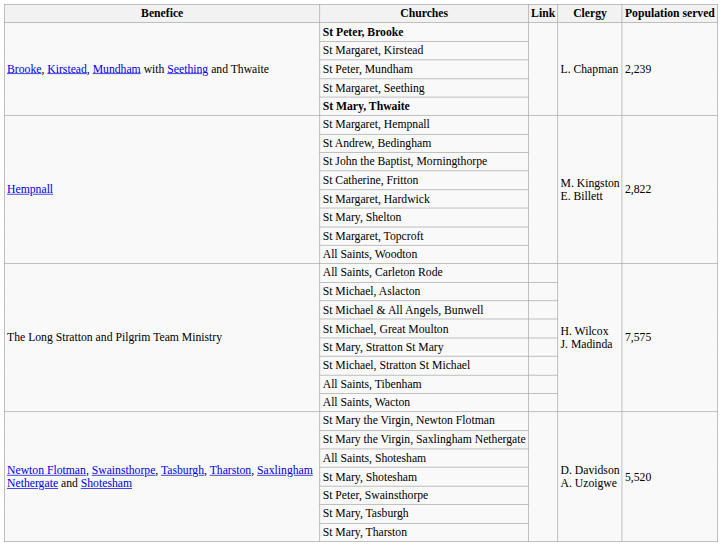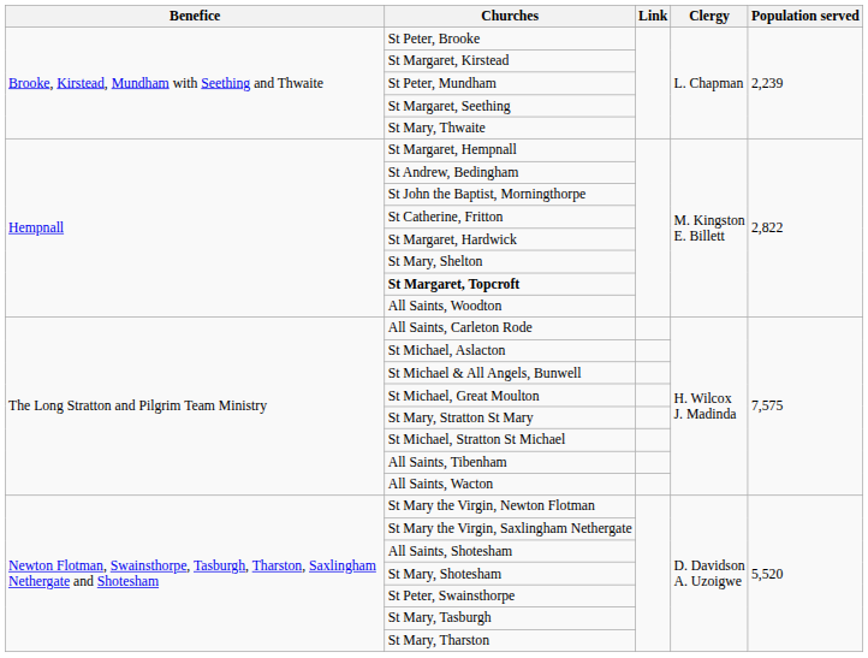 <table class="wikitable">
 <tr>
 <th width="425">Benefice</th>
 <th>Churches</th>
 <th>Link</th>
 <th>Clergy</th>
 <th>Population served</th>
 </tr>
 <tr>
 <td rowspan="5"><a href='#'>Brooke</a>, <a href='#'>Kirstead</a>, <a href='#'>Mundham</a> with <a href='#'>Seething</a> and Thwaite</td>
-<td><strong>St Peter, Brooke</strong></td>
+<td>St Peter, Brooke</td>
 <td rowspan="5"></td>
 <td rowspan="5">L. Chapman</td>
 <td rowspan="5">2,239</td>
 </tr>
 <tr>
 <td>St Margaret, Kirstead</td>
 </tr>
 <tr>
 <td>St Peter, Mundham</td>
 </tr>
 <tr>
 <td>St Margaret, Seething</td>
 </tr>
 <tr>
-<td><strong>St Mary, Thwaite</strong></td>
+<td>St Mary, Thwaite</td>
 </tr>
 <tr>
 <td rowspan="8"><a href='#'>Hempnall</a></td>
 <td>St Margaret, Hempnall</td>
 <td rowspan="8"></td>
 <td rowspan="8">M. Kingston<br>E. Billett</td>
 <td rowspan="8">2,822</td>
 </tr>
 <tr>
 <td>St Andrew, Bedingham</td>
 </tr>
 <tr>
 <td>St John the Baptist, Morningthorpe</td>
 </tr>
 <tr>
 <td>St Catherine, Fritton</td>
 </tr>
 <tr>
 <td>St Margaret, Hardwick</td>
 </tr>
 <tr>
 <td>St Mary, Shelton</td>
 </tr>
 <tr>
-<td>St Margaret, Topcroft</td>
+<td><strong>St Margaret, Topcroft</strong></td>
 </tr>
 <tr>
 <td>All Saints, Woodton</td>
 </tr>
 <tr>
 <td rowspan="8">The Long Stratton and Pilgrim Team Ministry</td>
 <td>All Saints, Carleton Rode</td>
 <td></td>
 <td rowspan="8">H. Wilcox<br>J. Madinda</td>
 <td rowspan="8">7,575</td>
 </tr>
 <tr>
 <td>St Michael, Aslacton</td>
 <td></td>
 </tr>
 <tr>
 <td>St Michael & All Angels, Bunwell</td>
 <td></td>
 </tr>
 <tr>
 <td>St Michael, Great Moulton</td>
 <td></td>
 </tr>
 <tr>
 <td>St Mary, Stratton St Mary</td>
 <td></td>
 </tr>
 <tr>
 <td>St Michael, Stratton St Michael</td>
 <td></td>
 </tr>
 <tr>
 <td>All Saints, Tibenham</td>
 <td></td>
 </tr>
 <tr>
 <td>All Saints, Wacton</td>
 <td></td>
 </tr>
 <tr>
 <td rowspan="7"><a href='#'>Newton Flotman</a>, <a href='#'>Swainsthorpe</a>, <a href='#'>Tasburgh</a>, <a href='#'>Tharston</a>, <a href='#'>Saxlingham Nethergate</a> and <a href='#'>Shotesham</a></td>
 <td>St Mary the Virgin, Newton Flotman</td>
 <td rowspan="7"></td>
 <td rowspan="7">D. Davidson<br>A. Uzoigwe</td>
 <td rowspan="7">5,520</td>
 </tr>
 <tr>
 <td>St Mary the Virgin, Saxlingham Nethergate</td>
 </tr>
 <tr>
 <td>All Saints, Shotesham</td>
 </tr>
 <tr>
 <td>St Mary, Shotesham</td>
 </tr>
 <tr>
 <td>St Peter, Swainsthorpe</td>
 </tr>
 <tr>
 <td>St Mary, Tasburgh</td>
 </tr>
 <tr>
 <td>St Mary, Tharston</td>
 </tr>
 </table>
